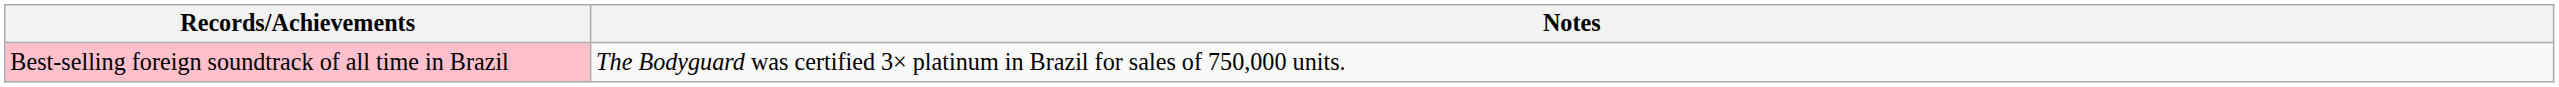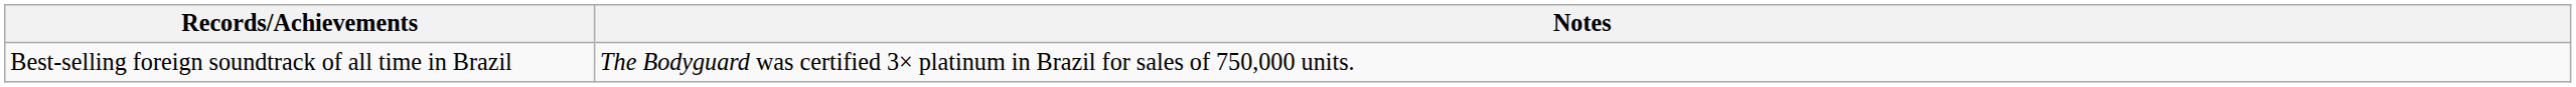 <table class="wikitable sortable plainrowheaders">
 <tr>
 <th scope="col" width=20%>Records/Achievements</th>
 <th scope="col" width=67%>Notes</th>
 </tr>
 <tr>
-<td style="background: pink;">Best-selling foreign soundtrack of all time in Brazil</td>
+<td>Best-selling foreign soundtrack of all time in Brazil</td>
 <td><em>The Bodyguard</em> was certified 3× platinum in Brazil for sales of 750,000 units.</td>
 </tr>
 </table>
